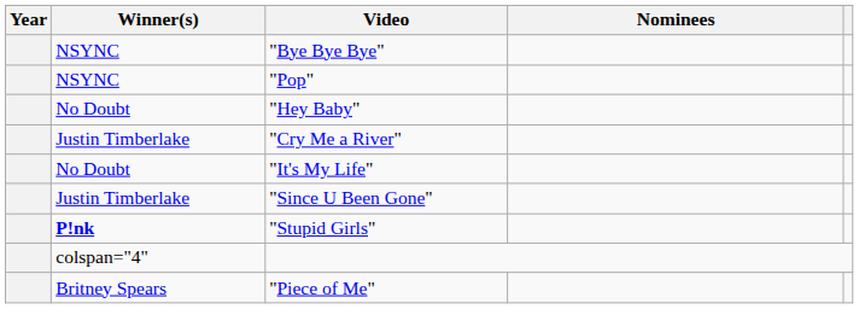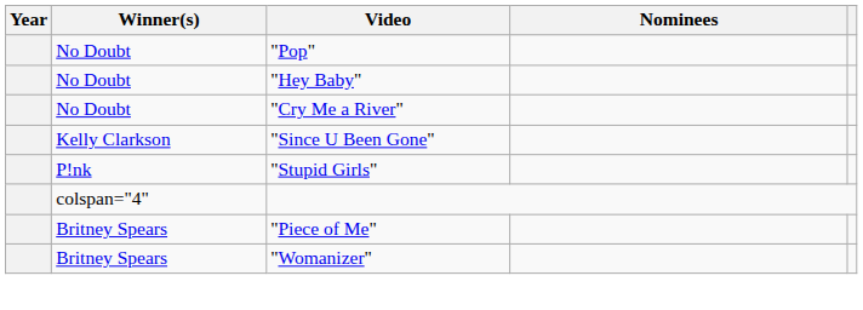 <table class="wikitable sortable">
 <tr>
 <th scope="col">Year</th>
 <th scope="col" style="width:175px;">Winner(s)</th>
 <th scope="col" style="width:200px;">Video</th>
 <th scope="col" style="width:280px;">Nominees</th>
 <th scope="col" class="unsortable"></th>
 </tr>
 <tr>
 <th scope="row"></th>
-<td><a href='#'>NSYNC</a></td>
-<td>"<a href='#'>Bye Bye Bye</a>"</td>
-<td></td>
-<td align="center"></td>
-</tr>
-<tr>
-<th scope="row"></th>
-<td><a href='#'>NSYNC</a></td>
+<td><a href='#'>No Doubt</a></td>
 <td>"<a href='#'>Pop</a>"</td>
 <td></td>
 <td align="center"></td>
 </tr>
 <tr>
 <th scope="row"></th>
 <td><a href='#'>No Doubt</a> </td>
 <td>"<a href='#'>Hey Baby</a>"</td>
 <td></td>
 <td align="center"></td>
 </tr>
 <tr>
 <th scope="row"></th>
-<td><a href='#'>Justin Timberlake</a></td>
+<td><a href='#'>No Doubt</a> </td>
 <td>"<a href='#'>Cry Me a River</a>"</td>
 <td></td>
 <td align="center"></td>
 </tr>
 <tr>
 <th scope="row"></th>
-<td><a href='#'>No Doubt</a></td>
-<td>"<a href='#'>It's My Life</a>"</td>
-<td></td>
-<td align="center"></td>
-</tr>
-<tr>
-<th scope="row"></th>
-<td><a href='#'>Justin Timberlake</a></td>
+<td><a href='#'>Kelly Clarkson</a></td>
 <td>"<a href='#'>Since U Been Gone</a>"</td>
 <td></td>
 <td align="center"></td>
 </tr>
 <tr>
 <th scope="row"></th>
-<td><strong><a href='#'>P!nk</a></strong></td>
+<td><a href='#'>P!nk</a></td>
 <td>"<a href='#'>Stupid Girls</a>"</td>
 <td></td>
 <td align="center"></td>
 </tr>
 <tr>
 <th scope="row"></th>
 <td>colspan="4" </td>
 </tr>
 <tr>
 <th scope="row"></th>
 <td><a href='#'>Britney Spears</a></td>
 <td>"<a href='#'>Piece of Me</a>"</td>
 <td></td>
 <td align="center"></td>
 </tr>
+<tr>
+<th scope="row"></th>
+<td><a href='#'>Britney Spears</a></td>
+<td>"<a href='#'>Womanizer</a>"</td>
+<td></td>
+<td align="center"></td>
+</tr>
 </table>
